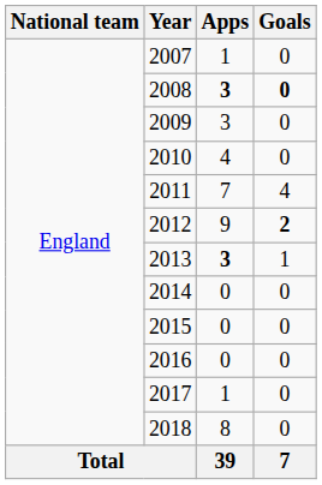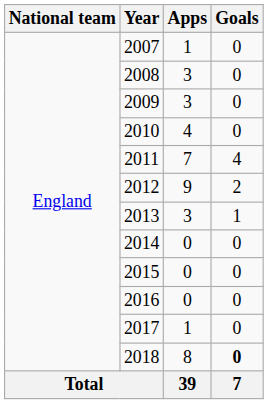 <table class=wikitable style=text-align:center>
 <tr>
 <th>National team</th>
 <th>Year</th>
 <th>Apps</th>
 <th>Goals</th>
 </tr>
 <tr>
 <td rowspan=12><a href='#'>England</a></td>
 <td>2007</td>
 <td>1</td>
 <td>0</td>
 </tr>
 <tr>
 <td>2008</td>
-<td><strong>3</strong></td>
-<td><strong>0</strong></td>
+<td>3</td>
+<td>0</td>
 </tr>
 <tr>
 <td>2009</td>
 <td>3</td>
 <td>0</td>
 </tr>
 <tr>
 <td>2010</td>
 <td>4</td>
 <td>0</td>
 </tr>
 <tr>
 <td>2011</td>
 <td>7</td>
 <td>4</td>
 </tr>
 <tr>
 <td>2012</td>
 <td>9</td>
-<td><strong>2</strong></td>
+<td>2</td>
 </tr>
 <tr>
 <td>2013</td>
-<td><strong>3</strong></td>
+<td>3</td>
 <td>1</td>
 </tr>
 <tr>
 <td>2014</td>
 <td>0</td>
 <td>0</td>
 </tr>
 <tr>
 <td>2015</td>
 <td>0</td>
 <td>0</td>
 </tr>
 <tr>
 <td>2016</td>
 <td>0</td>
 <td>0</td>
 </tr>
 <tr>
 <td>2017</td>
 <td>1</td>
 <td>0</td>
 </tr>
 <tr>
 <td>2018</td>
 <td>8</td>
-<td>0</td>
+<td><strong>0</strong></td>
 </tr>
 <tr>
 <th colspan=2>Total</th>
 <th>39</th>
 <th>7</th>
 </tr>
 </table>
